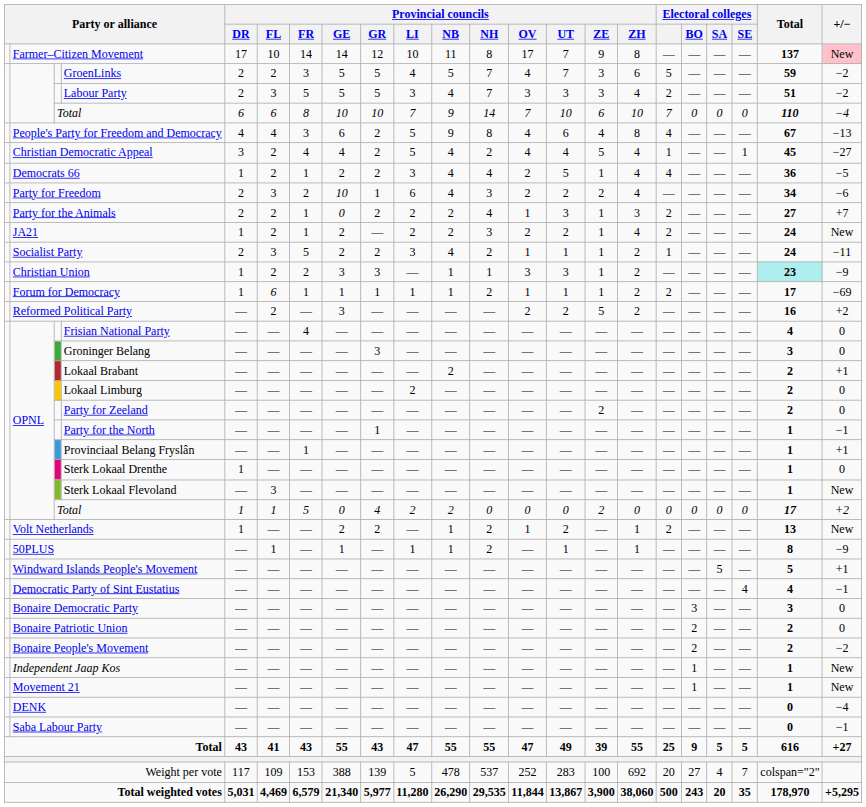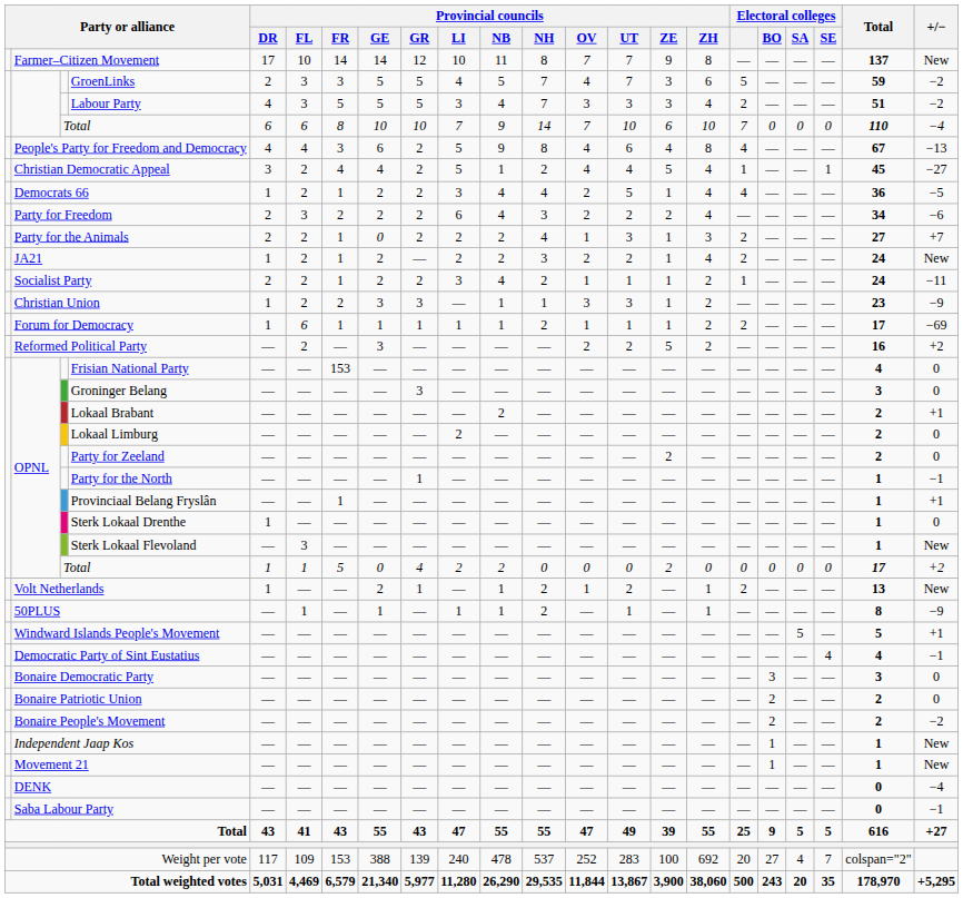 <table class="wikitable mw-datatable" style="text-align:center; font-size:95%">
 <tr>
 <th colspan="4" rowspan="2">Party or alliance</th>
 <th colspan="12"><a href='#'>Provincial councils</a></th>
 <th colspan="4"><a href='#'>Electoral colleges</a></th>
 <th rowspan="2" width="40px">Total</th>
 <th rowspan="2" width="40px">+/−</th>
 </tr>
 <tr>
 <th width="25px"><a href='#'>DR</a></th>
 <th width="25px"><a href='#'>FL</a></th>
 <th width="25px"><a href='#'>FR</a></th>
 <th width="25px"><a href='#'>GE</a></th>
 <th width="25px"><a href='#'>GR</a></th>
 <th width="25px"><a href='#'>LI</a></th>
 <th width="25px"><a href='#'>NB</a></th>
 <th width="25px"><a href='#'>NH</a></th>
 <th width="25px"><a href='#'>OV</a></th>
 <th width="25px"><a href='#'>UT</a></th>
 <th width="25px"><a href='#'>ZE</a></th>
 <th width="25px"><a href='#'>ZH</a></th>
 <th width="25px"></th>
 <th width="25px"><a href='#'>BO</a></th>
 <th width="25px"><a href='#'>SA</a></th>
 <th width="25px"><a href='#'>SE</a></th>
 </tr>
 <tr>
 <td style="color:inherit;background:"></td>
 <td colspan="3" style="text-align:left"><a href='#'>Farmer–Citizen Movement</a></td>
 <td>17</td>
 <td>10</td>
 <td>14</td>
 <td>14</td>
 <td>12</td>
 <td>10</td>
 <td>11</td>
 <td>8</td>
-<td>17</td>
+<td><em>7</em></td>
 <td>7</td>
 <td>9</td>
 <td>8</td>
 <td>—</td>
 <td>—</td>
 <td>—</td>
 <td>—</td>
 <td><strong>137</strong></td>
-<td style="background: pink;">New</td>
+<td>New</td>
 </tr>
 <tr>
 <td rowspan="3" style="color:inherit;background:"></td>
 <td rowspan="3" style="text-align:left"></td>
 <td style="color:inherit;background:"></td>
 <td style="text-align:left"><a href='#'>GroenLinks</a></td>
 <td>2</td>
-<td>2</td>
+<td>3</td>
 <td>3</td>
 <td>5</td>
 <td>5</td>
 <td>4</td>
 <td>5</td>
 <td>7</td>
 <td>4</td>
 <td>7</td>
 <td>3</td>
 <td>6</td>
 <td>5</td>
 <td>—</td>
 <td>—</td>
 <td>—</td>
 <td><strong>59</strong></td>
 <td>−2</td>
 </tr>
 <tr>
 <td style="color:inherit;background:"></td>
 <td style="text-align:left"><a href='#'>Labour Party</a></td>
-<td>2</td>
+<td>4</td>
 <td>3</td>
 <td>5</td>
 <td>5</td>
 <td>5</td>
 <td>3</td>
 <td>4</td>
 <td>7</td>
 <td>3</td>
 <td>3</td>
 <td>3</td>
 <td>4</td>
 <td>2</td>
 <td>—</td>
 <td>—</td>
 <td>—</td>
 <td><strong>51</strong></td>
 <td>−2</td>
 </tr>
 <tr>
 <td colspan="2" style="text-align:left"><em>Total</em></td>
 <td><em>6</em></td>
 <td><em>6</em></td>
 <td><em>8</em></td>
 <td><em>10</em></td>
 <td><em>10</em></td>
 <td><em>7</em></td>
 <td><em>9</em></td>
 <td><em>14</em></td>
 <td><em>7</em></td>
 <td><em>10</em></td>
 <td><em>6</em></td>
 <td><em>10</em></td>
 <td><em>7</em></td>
 <td><em>0</em></td>
 <td><em>0</em></td>
 <td><em>0</em></td>
 <td><strong><em>110</em></strong></td>
 <td><em>−4</em></td>
 </tr>
 <tr>
 <td style="color:inherit;background:"></td>
 <td colspan="3" style="text-align:left"><a href='#'>People's Party for Freedom and Democracy</a></td>
 <td>4</td>
 <td>4</td>
 <td>3</td>
 <td>6</td>
 <td>2</td>
 <td>5</td>
 <td>9</td>
 <td>8</td>
 <td>4</td>
 <td>6</td>
 <td>4</td>
 <td>8</td>
 <td>4</td>
 <td>—</td>
 <td>—</td>
 <td>—</td>
 <td><strong>67</strong></td>
 <td>−13</td>
 </tr>
 <tr>
 <td style="color:inherit;background:"></td>
 <td colspan="3" style="text-align:left"><a href='#'>Christian Democratic Appeal</a></td>
 <td>3</td>
 <td>2</td>
 <td>4</td>
 <td>4</td>
 <td>2</td>
 <td>5</td>
-<td>4</td>
+<td>1</td>
 <td>2</td>
 <td>4</td>
 <td>4</td>
 <td>5</td>
 <td>4</td>
 <td>1</td>
 <td>—</td>
 <td>—</td>
 <td>1</td>
 <td><strong>45</strong></td>
 <td>−27</td>
 </tr>
 <tr>
 <td style="color:inherit;background:"></td>
 <td colspan="3" style="text-align:left"><a href='#'>Democrats 66</a></td>
 <td>1</td>
 <td>2</td>
 <td>1</td>
 <td>2</td>
 <td>2</td>
 <td>3</td>
 <td>4</td>
 <td>4</td>
 <td>2</td>
 <td>5</td>
 <td>1</td>
 <td>4</td>
 <td>4</td>
 <td>—</td>
 <td>—</td>
 <td>—</td>
 <td><strong>36</strong></td>
 <td>−5</td>
 </tr>
 <tr>
 <td style="color:inherit;background:"></td>
 <td colspan="3" style="text-align:left"><a href='#'>Party for Freedom</a></td>
 <td>2</td>
 <td>3</td>
 <td>2</td>
-<td><em>10</em></td>
-<td>1</td>
+<td>2</td>
+<td>2</td>
 <td>6</td>
 <td>4</td>
 <td>3</td>
 <td>2</td>
 <td>2</td>
 <td>2</td>
 <td>4</td>
 <td>—</td>
 <td>—</td>
 <td>—</td>
 <td>—</td>
 <td><strong>34</strong></td>
 <td>−6</td>
 </tr>
 <tr>
 <td style="color:inherit;background:"></td>
 <td colspan="3" style="text-align:left"><a href='#'>Party for the Animals</a></td>
 <td>2</td>
 <td>2</td>
 <td>1</td>
 <td><em>0</em></td>
 <td>2</td>
 <td>2</td>
 <td>2</td>
 <td>4</td>
 <td>1</td>
 <td>3</td>
 <td>1</td>
 <td>3</td>
 <td>2</td>
 <td>—</td>
 <td>—</td>
 <td>—</td>
 <td><strong>27</strong></td>
 <td>+7</td>
 </tr>
 <tr>
 <td style="color:inherit;background:"></td>
 <td colspan="3" style="text-align:left"><a href='#'>JA21</a></td>
 <td>1</td>
 <td>2</td>
 <td>1</td>
 <td>2</td>
 <td>—</td>
 <td>2</td>
 <td>2</td>
 <td>3</td>
 <td>2</td>
 <td>2</td>
 <td>1</td>
 <td>4</td>
 <td>2</td>
 <td>—</td>
 <td>—</td>
 <td>—</td>
 <td><strong>24</strong></td>
 <td>New</td>
 </tr>
 <tr>
 <td style="color:inherit;background:"></td>
 <td colspan="3" style="text-align:left"><a href='#'>Socialist Party</a></td>
 <td>2</td>
-<td>3</td>
-<td>5</td>
+<td>2</td>
+<td>1</td>
 <td>2</td>
 <td>2</td>
 <td>3</td>
 <td>4</td>
 <td>2</td>
 <td>1</td>
 <td>1</td>
 <td>1</td>
 <td>2</td>
 <td>1</td>
 <td>—</td>
 <td>—</td>
 <td>—</td>
 <td><strong>24</strong></td>
 <td>−11</td>
 </tr>
 <tr>
 <td style="color:inherit;background:"></td>
 <td colspan="3" style="text-align:left"><a href='#'>Christian Union</a></td>
 <td>1</td>
 <td>2</td>
 <td>2</td>
 <td>3</td>
 <td>3</td>
 <td>—</td>
 <td>1</td>
 <td>1</td>
 <td>3</td>
 <td>3</td>
 <td>1</td>
 <td>2</td>
 <td>—</td>
 <td>—</td>
 <td>—</td>
 <td>—</td>
-<td style="background: paleturquoise;"><strong>23</strong></td>
+<td><strong>23</strong></td>
 <td>−9</td>
 </tr>
 <tr>
 <td style="color:inherit;background:"></td>
 <td colspan="3" style="text-align:left"><a href='#'>Forum for Democracy</a></td>
 <td>1</td>
 <td><em>6</em></td>
 <td>1</td>
 <td>1</td>
 <td>1</td>
 <td>1</td>
 <td>1</td>
 <td>2</td>
 <td>1</td>
 <td>1</td>
 <td>1</td>
 <td>2</td>
 <td>2</td>
 <td>—</td>
 <td>—</td>
 <td>—</td>
 <td><strong>17</strong></td>
 <td>−69</td>
 </tr>
 <tr>
 <td style="color:inherit;background:"></td>
 <td colspan="3" style="text-align:left"><a href='#'>Reformed Political Party</a></td>
 <td>—</td>
 <td>2</td>
 <td>—</td>
 <td>3</td>
 <td>—</td>
 <td>—</td>
 <td>—</td>
 <td>—</td>
 <td>2</td>
 <td>2</td>
 <td>5</td>
 <td>2</td>
 <td>—</td>
 <td>—</td>
 <td>—</td>
 <td>—</td>
 <td><strong>16</strong></td>
 <td>+2</td>
 </tr>
 <tr>
 <td rowspan="10" style="color:inherit;background:"></td>
 <td rowspan="10" style="text-align:left"><a href='#'>OPNL</a></td>
 <td style="color:inherit;background:"></td>
 <td style="text-align:left"><a href='#'>Frisian National Party</a></td>
 <td>—</td>
 <td>—</td>
-<td>4</td>
+<td>153</td>
 <td>—</td>
 <td>—</td>
 <td>—</td>
 <td>—</td>
 <td>—</td>
 <td>—</td>
 <td>—</td>
 <td>—</td>
 <td>—</td>
 <td>—</td>
 <td>—</td>
 <td>—</td>
 <td>—</td>
 <td><strong>4</strong></td>
 <td>0</td>
 </tr>
 <tr>
 <td style="color:inherit;background:#3ca934"></td>
 <td style="text-align:left">Groninger Belang</td>
 <td>—</td>
 <td>—</td>
 <td>—</td>
 <td>—</td>
 <td>3</td>
 <td>—</td>
 <td>—</td>
 <td>—</td>
 <td>—</td>
 <td>—</td>
 <td>—</td>
 <td>—</td>
 <td>—</td>
 <td>—</td>
 <td>—</td>
 <td>—</td>
 <td><strong>3</strong></td>
 <td>0</td>
 </tr>
 <tr>
 <td style="color:inherit;background:#b6272d"></td>
 <td style="text-align:left">Lokaal Brabant</td>
 <td>—</td>
 <td>—</td>
 <td>—</td>
 <td>—</td>
 <td>—</td>
 <td>—</td>
 <td>2</td>
 <td>—</td>
 <td>—</td>
 <td>—</td>
 <td>—</td>
 <td>—</td>
 <td>—</td>
 <td>—</td>
 <td>—</td>
 <td>—</td>
 <td><strong>2</strong></td>
 <td>+1</td>
 </tr>
 <tr>
 <td style="color:inherit;background:#fbc500"></td>
 <td style="text-align:left">Lokaal Limburg</td>
 <td>—</td>
 <td>—</td>
 <td>—</td>
 <td>—</td>
 <td>—</td>
 <td>2</td>
 <td>—</td>
 <td>—</td>
 <td>—</td>
 <td>—</td>
 <td>—</td>
 <td>—</td>
 <td>—</td>
 <td>—</td>
 <td>—</td>
 <td>—</td>
 <td><strong>2</strong></td>
 <td>0</td>
 </tr>
 <tr>
 <td style="color:inherit;background:"></td>
 <td style="text-align:left"><a href='#'>Party for Zeeland</a></td>
 <td>—</td>
 <td>—</td>
 <td>—</td>
 <td>—</td>
 <td>—</td>
 <td>—</td>
 <td>—</td>
 <td>—</td>
 <td>—</td>
 <td>—</td>
 <td>2</td>
 <td>—</td>
 <td>—</td>
 <td>—</td>
 <td>—</td>
 <td>—</td>
 <td><strong>2</strong></td>
 <td>0</td>
 </tr>
 <tr>
 <td style="color:inherit;background:"></td>
 <td style="text-align:left"><a href='#'>Party for the North</a></td>
 <td>—</td>
 <td>—</td>
 <td>—</td>
 <td>—</td>
 <td>1</td>
 <td>—</td>
 <td>—</td>
 <td>—</td>
 <td>—</td>
 <td>—</td>
 <td>—</td>
 <td>—</td>
 <td>—</td>
 <td>—</td>
 <td>—</td>
 <td>—</td>
 <td><strong>1</strong></td>
 <td>−1</td>
 </tr>
 <tr>
 <td style="color:inherit;background:#389ad6"></td>
 <td style="text-align:left">Provinciaal Belang Fryslân</td>
 <td>—</td>
 <td>—</td>
 <td>1</td>
 <td>—</td>
 <td>—</td>
 <td>—</td>
 <td>—</td>
 <td>—</td>
 <td>—</td>
 <td>—</td>
 <td>—</td>
 <td>—</td>
 <td>—</td>
 <td>—</td>
 <td>—</td>
 <td>—</td>
 <td><strong>1</strong></td>
 <td>+1</td>
 </tr>
 <tr>
 <td style="color:inherit;background:#e6017b"></td>
 <td style="text-align:left">Sterk Lokaal Drenthe</td>
 <td>1</td>
 <td>—</td>
 <td>—</td>
 <td>—</td>
 <td>—</td>
 <td>—</td>
 <td>—</td>
 <td>—</td>
 <td>—</td>
 <td>—</td>
 <td>—</td>
 <td>—</td>
 <td>—</td>
 <td>—</td>
 <td>—</td>
 <td>—</td>
 <td><strong>1</strong></td>
 <td>0</td>
 </tr>
 <tr>
 <td style="color:inherit;background:#80ba28"></td>
 <td style="text-align:left">Sterk Lokaal Flevoland</td>
 <td>—</td>
 <td>3</td>
 <td>—</td>
 <td>—</td>
 <td>—</td>
 <td>—</td>
 <td>—</td>
 <td>—</td>
 <td>—</td>
 <td>—</td>
 <td>—</td>
 <td>—</td>
 <td>—</td>
 <td>—</td>
 <td>—</td>
 <td>—</td>
 <td><strong>1</strong></td>
 <td>New</td>
 </tr>
 <tr>
 <td colspan="2" style="text-align:left"><em>Total</em></td>
 <td><em>1</em></td>
 <td><em>1</em></td>
 <td><em>5</em></td>
 <td><em>0</em></td>
 <td><em>4</em></td>
 <td><em>2</em></td>
 <td><em>2</em></td>
 <td><em>0</em></td>
 <td><em>0</em></td>
 <td><em>0</em></td>
 <td><em>2</em></td>
 <td><em>0</em></td>
 <td><em>0</em></td>
 <td><em>0</em></td>
 <td><em>0</em></td>
 <td><em>0</em></td>
 <td><strong><em>17</em></strong></td>
 <td><em>+2</em></td>
 </tr>
 <tr>
 <td style="color:inherit;background:"></td>
 <td colspan="3" style="text-align:left"><a href='#'>Volt Netherlands</a></td>
 <td>1</td>
 <td>—</td>
 <td>—</td>
 <td>2</td>
-<td>2</td>
+<td>1</td>
 <td>—</td>
 <td>1</td>
 <td>2</td>
 <td>1</td>
 <td>2</td>
 <td>—</td>
 <td>1</td>
 <td>2</td>
 <td>—</td>
 <td>—</td>
 <td>—</td>
 <td><strong>13</strong></td>
 <td>New</td>
 </tr>
 <tr>
 <td style="color:inherit;background:"></td>
 <td colspan="3" style="text-align:left"><a href='#'>50PLUS</a></td>
 <td>—</td>
 <td>1</td>
 <td>—</td>
 <td>1</td>
 <td>—</td>
 <td>1</td>
 <td>1</td>
 <td>2</td>
 <td>—</td>
 <td>1</td>
 <td>—</td>
 <td>1</td>
 <td>—</td>
 <td>—</td>
 <td>—</td>
 <td>—</td>
 <td><strong>8</strong></td>
 <td>−9</td>
 </tr>
 <tr>
 <td style="color:inherit;background:"></td>
 <td colspan="3" style="text-align:left"><a href='#'>Windward Islands People's Movement</a></td>
 <td>—</td>
 <td>—</td>
 <td>—</td>
 <td>—</td>
 <td>—</td>
 <td>—</td>
 <td>—</td>
 <td>—</td>
 <td>—</td>
 <td>—</td>
 <td>—</td>
 <td>—</td>
 <td>—</td>
 <td>—</td>
 <td>5</td>
 <td>—</td>
 <td><strong>5</strong></td>
 <td>+1</td>
 </tr>
 <tr>
 <td style="color:inherit;background:"></td>
 <td colspan="3" style="text-align:left"><a href='#'>Democratic Party of Sint Eustatius</a></td>
 <td>—</td>
 <td>—</td>
 <td>—</td>
 <td>—</td>
 <td>—</td>
 <td>—</td>
 <td>—</td>
 <td>—</td>
 <td>—</td>
 <td>—</td>
 <td>—</td>
 <td>—</td>
 <td>—</td>
 <td>—</td>
 <td>—</td>
 <td>4</td>
 <td><strong>4</strong></td>
 <td>−1</td>
 </tr>
 <tr>
 <td style="color:inherit;background:"></td>
 <td colspan="3" style="text-align:left"><a href='#'>Bonaire Democratic Party</a></td>
 <td>—</td>
 <td>—</td>
 <td>—</td>
 <td>—</td>
 <td>—</td>
 <td>—</td>
 <td>—</td>
 <td>—</td>
 <td>—</td>
 <td>—</td>
 <td>—</td>
 <td>—</td>
 <td>—</td>
 <td>3</td>
 <td>—</td>
 <td>—</td>
 <td><strong>3</strong></td>
 <td>0</td>
 </tr>
 <tr>
 <td style="color:inherit;background:"></td>
 <td colspan="3" style="text-align:left"><a href='#'>Bonaire Patriotic Union</a></td>
 <td>—</td>
 <td>—</td>
 <td>—</td>
 <td>—</td>
 <td>—</td>
 <td>—</td>
 <td>—</td>
 <td>—</td>
 <td>—</td>
 <td>—</td>
 <td>—</td>
 <td>—</td>
 <td>—</td>
 <td>2</td>
 <td>—</td>
 <td>—</td>
 <td><strong>2</strong></td>
 <td>0</td>
 </tr>
 <tr>
 <td style="color:inherit;background:"></td>
 <td colspan="3" style="text-align:left"><a href='#'>Bonaire People's Movement</a></td>
 <td>—</td>
 <td>—</td>
 <td>—</td>
 <td>—</td>
 <td>—</td>
 <td>—</td>
 <td>—</td>
 <td>—</td>
 <td>—</td>
 <td>—</td>
 <td>—</td>
 <td>—</td>
 <td>—</td>
 <td>2</td>
 <td>—</td>
 <td>—</td>
 <td><strong>2</strong></td>
 <td>−2</td>
 </tr>
 <tr>
 <td style="color:inherit;background:"></td>
 <td colspan="3" style="text-align:left"><em>Independent Jaap Kos</em></td>
 <td>—</td>
 <td>—</td>
 <td>—</td>
 <td>—</td>
 <td>—</td>
 <td>—</td>
 <td>—</td>
 <td>—</td>
 <td>—</td>
 <td>—</td>
 <td>—</td>
 <td>—</td>
 <td>—</td>
 <td>1</td>
 <td>—</td>
 <td>—</td>
 <td><strong>1</strong></td>
 <td>New</td>
 </tr>
 <tr>
 <td style="color:inherit;background:"></td>
 <td colspan="3" style="text-align:left"><a href='#'>Movement 21</a></td>
 <td>—</td>
 <td>—</td>
 <td>—</td>
 <td>—</td>
 <td>—</td>
 <td>—</td>
 <td>—</td>
 <td>—</td>
 <td>—</td>
 <td>—</td>
 <td>—</td>
 <td>—</td>
 <td>—</td>
 <td>1</td>
 <td>—</td>
 <td>—</td>
 <td><strong>1</strong></td>
 <td>New</td>
 </tr>
 <tr>
 <td style="color:inherit;background:"></td>
 <td colspan="3" style="text-align:left"><a href='#'>DENK</a></td>
 <td>—</td>
 <td>—</td>
 <td>—</td>
 <td>—</td>
 <td>—</td>
 <td>—</td>
 <td>—</td>
 <td>—</td>
 <td>—</td>
 <td>—</td>
 <td>—</td>
 <td>—</td>
 <td>—</td>
 <td>—</td>
 <td>—</td>
 <td>—</td>
 <td><strong>0</strong></td>
 <td>−4</td>
 </tr>
 <tr>
 <td style="color:inherit;background:"></td>
 <td colspan="3" style="text-align:left"><a href='#'>Saba Labour Party</a></td>
 <td>—</td>
 <td>—</td>
 <td>—</td>
 <td>—</td>
 <td>—</td>
 <td>—</td>
 <td>—</td>
 <td>—</td>
 <td>—</td>
 <td>—</td>
 <td>—</td>
 <td>—</td>
 <td>—</td>
 <td>—</td>
 <td>—</td>
 <td>—</td>
 <td><strong>0</strong></td>
 <td>−1</td>
 </tr>
 <tr>
 <td colspan="4" style="text-align:right"><strong>Total</strong></td>
 <td><strong>43</strong></td>
 <td><strong>41</strong></td>
 <td><strong>43</strong></td>
 <td><strong>55</strong></td>
 <td><strong>43</strong></td>
 <td><strong>47</strong></td>
 <td><strong>55</strong></td>
 <td><strong>55</strong></td>
 <td><strong>47</strong></td>
 <td><strong>49</strong></td>
 <td><strong>39</strong></td>
 <td><strong>55</strong></td>
 <td><strong>25</strong></td>
 <td><strong>9</strong></td>
 <td><strong>5</strong></td>
 <td><strong>5</strong></td>
 <td><strong>616</strong></td>
 <td><strong>+27</strong></td>
 </tr>
 <tr>
 <th colspan="22"></th>
 </tr>
 <tr>
 <td colspan="4" style="text-align:right">Weight per vote</td>
 <td>117</td>
 <td>109</td>
 <td>153</td>
 <td>388</td>
 <td>139</td>
-<td>5</td>
+<td>240</td>
 <td>478</td>
 <td>537</td>
 <td>252</td>
 <td>283</td>
 <td>100</td>
 <td>692</td>
 <td>20</td>
 <td>27</td>
 <td>4</td>
 <td>7</td>
 <td>colspan="2" </td>
 </tr>
 <tr>
 <td colspan="4" style="text-align:right"><strong>Total weighted votes</strong></td>
 <td><strong>5,031</strong></td>
 <td><strong>4,469</strong></td>
 <td><strong>6,579</strong></td>
 <td><strong>21,340</strong></td>
 <td><strong>5,977</strong></td>
 <td><strong>11,280</strong></td>
 <td><strong>26,290</strong></td>
 <td><strong>29,535</strong></td>
 <td><strong>11,844</strong></td>
 <td><strong>13,867</strong></td>
 <td><strong>3,900</strong></td>
 <td><strong>38,060</strong></td>
 <td><strong>500</strong></td>
 <td><strong>243</strong></td>
 <td><strong>20</strong></td>
 <td><strong>35</strong></td>
 <td><strong>178,970</strong></td>
 <td><strong>+5,295</strong></td>
 </tr>
 </table>
